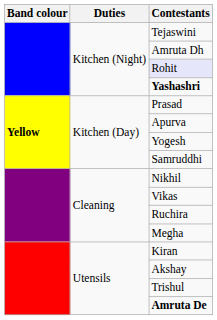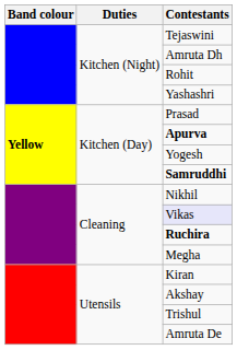 <table class="wikitable">
 <tr>
 <th>Band colour</th>
 <th>Duties</th>
 <th>Contestants</th>
 </tr>
 <tr>
 <td rowspan="4" style="background:Blue"><strong></strong></td>
 <td rowspan="4">Kitchen (Night)</td>
 <td>Tejaswini</td>
 </tr>
 <tr>
 <td>Amruta Dh</td>
 </tr>
 <tr>
-<td style="background: lavender;">Rohit</td>
+<td>Rohit</td>
 </tr>
 <tr>
-<td><strong>Yashashri</strong></td>
+<td>Yashashri</td>
 </tr>
 <tr>
 <td rowspan="4" style="background:yellow"><strong>Yellow</strong></td>
 <td rowspan="4">Kitchen (Day)</td>
 <td>Prasad</td>
 </tr>
 <tr>
-<td>Apurva</td>
+<td><strong>Apurva</strong></td>
 </tr>
 <tr>
 <td>Yogesh</td>
 </tr>
 <tr>
-<td>Samruddhi</td>
+<td><strong>Samruddhi</strong></td>
 </tr>
 <tr>
 <td rowspan="4" style="background:purple"><strong></strong></td>
 <td rowspan="4">Cleaning</td>
 <td>Nikhil</td>
 </tr>
 <tr>
-<td>Vikas</td>
+<td style="background: lavender;">Vikas</td>
 </tr>
 <tr>
-<td>Ruchira</td>
+<td><strong>Ruchira</strong></td>
 </tr>
 <tr>
 <td>Megha</td>
 </tr>
 <tr>
 <td rowspan="4" style="background:red"><strong></strong></td>
 <td rowspan="4">Utensils</td>
 <td>Kiran</td>
 </tr>
 <tr>
 <td>Akshay</td>
 </tr>
 <tr>
 <td>Trishul</td>
 </tr>
 <tr>
-<td><strong>Amruta De</strong></td>
+<td>Amruta De</td>
 </tr>
 </table>
